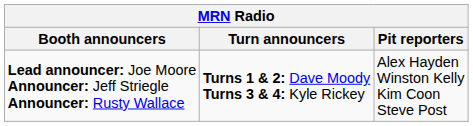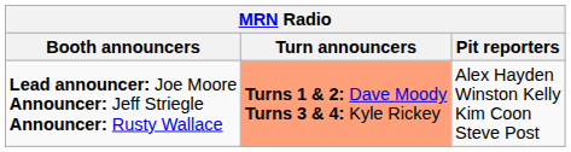 <table class="wikitable" style="font-size: 95%;">
 <tr>
 <th colspan="3"><a href='#'>MRN</a> Radio</th>
 </tr>
 <tr>
 <th>Booth announcers</th>
 <th>Turn announcers</th>
 <th>Pit reporters</th>
 </tr>
 <tr>
 <td><strong>Lead announcer:</strong> Joe Moore<br><strong>Announcer:</strong> Jeff Striegle<br><strong>Announcer:</strong> <a href='#'>Rusty Wallace</a></td>
-<td><strong>Turns 1 & 2:</strong> <a href='#'>Dave Moody</a><br><strong>Turns 3 & 4:</strong> Kyle Rickey</td>
+<td style="background: lightsalmon;"><strong>Turns 1 & 2:</strong> <a href='#'>Dave Moody</a><br><strong>Turns 3 & 4:</strong> Kyle Rickey</td>
 <td>Alex Hayden<br>Winston Kelly<br>Kim Coon<br>Steve Post</td>
 </tr>
 </table>
